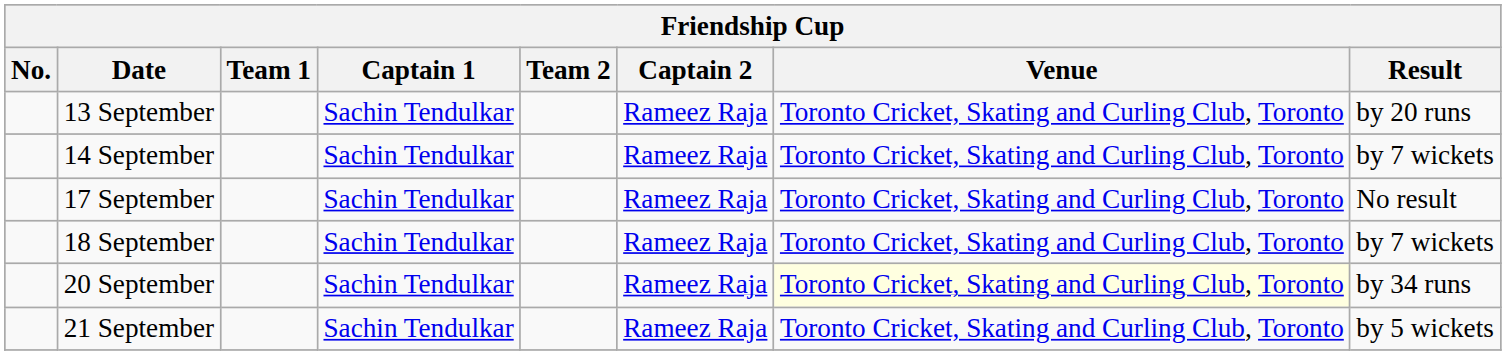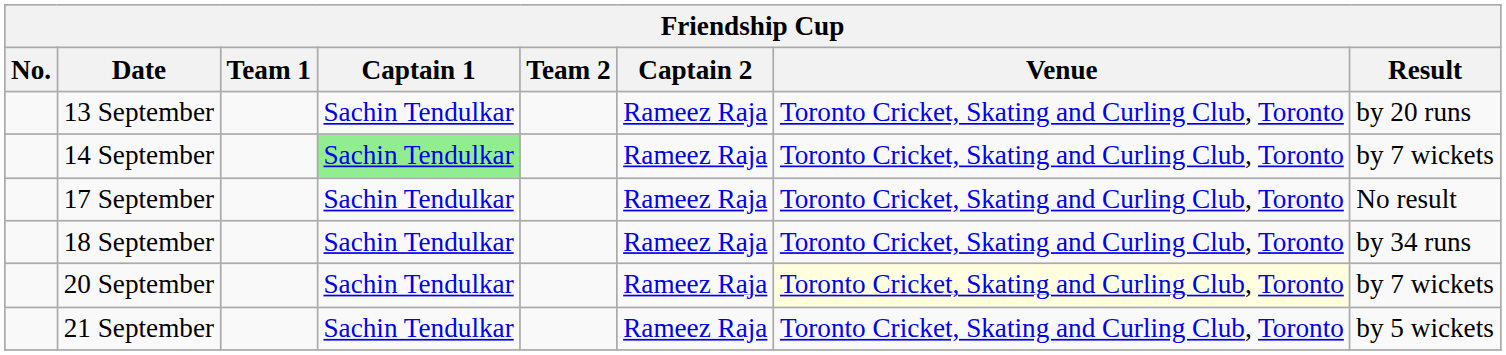 <table class="wikitable">
 <tr>
 <th colspan="9">Friendship Cup</th>
 </tr>
 <tr>
 <th>No.</th>
 <th>Date</th>
 <th>Team 1</th>
 <th>Captain 1</th>
 <th>Team 2</th>
 <th>Captain 2</th>
 <th>Venue</th>
 <th>Result</th>
 </tr>
 <tr>
 <td></td>
 <td>13 September</td>
 <td></td>
 <td><a href='#'>Sachin Tendulkar</a></td>
 <td></td>
 <td><a href='#'>Rameez Raja</a></td>
 <td><a href='#'>Toronto Cricket, Skating and Curling Club</a>, <a href='#'>Toronto</a></td>
 <td> by 20 runs</td>
 </tr>
 <tr>
 <td></td>
 <td>14 September</td>
 <td></td>
-<td><a href='#'>Sachin Tendulkar</a></td>
+<td style="background: lightgreen;"><a href='#'>Sachin Tendulkar</a></td>
 <td></td>
 <td><a href='#'>Rameez Raja</a></td>
 <td><a href='#'>Toronto Cricket, Skating and Curling Club</a>, <a href='#'>Toronto</a></td>
 <td> by 7 wickets</td>
 </tr>
 <tr>
 <td></td>
 <td>17 September</td>
 <td></td>
 <td><a href='#'>Sachin Tendulkar</a></td>
 <td></td>
 <td><a href='#'>Rameez Raja</a></td>
 <td><a href='#'>Toronto Cricket, Skating and Curling Club</a>, <a href='#'>Toronto</a></td>
 <td>No result</td>
 </tr>
 <tr>
 <td></td>
 <td>18 September</td>
 <td></td>
 <td><a href='#'>Sachin Tendulkar</a></td>
 <td></td>
 <td><a href='#'>Rameez Raja</a></td>
 <td><a href='#'>Toronto Cricket, Skating and Curling Club</a>, <a href='#'>Toronto</a></td>
-<td> by 7 wickets</td>
+<td> by 34 runs</td>
 </tr>
 <tr>
 <td></td>
 <td>20 September</td>
 <td></td>
 <td><a href='#'>Sachin Tendulkar</a></td>
 <td></td>
 <td><a href='#'>Rameez Raja</a></td>
 <td style="background: lightyellow;"><a href='#'>Toronto Cricket, Skating and Curling Club</a>, <a href='#'>Toronto</a></td>
-<td> by 34 runs</td>
+<td> by 7 wickets</td>
 </tr>
 <tr>
 <td></td>
 <td>21 September</td>
 <td></td>
 <td><a href='#'>Sachin Tendulkar</a></td>
 <td></td>
 <td><a href='#'>Rameez Raja</a></td>
 <td><a href='#'>Toronto Cricket, Skating and Curling Club</a>, <a href='#'>Toronto</a></td>
 <td> by 5 wickets</td>
 </tr>
 </table>
